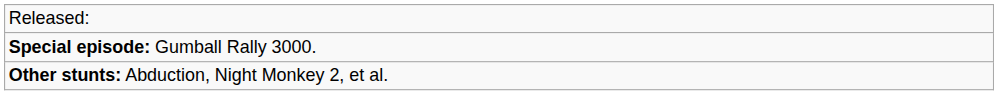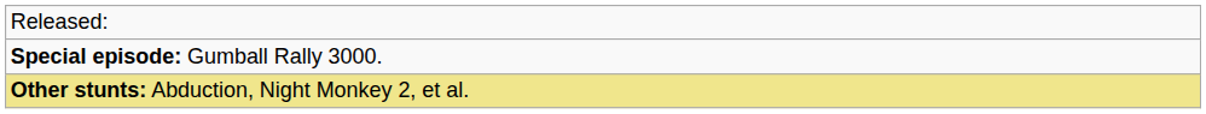 <table class="wikitable" width=100%>
 <tr>
 <td align=left>Released: </td>
 </tr>
 <tr>
 <td align=left><strong>Special episode:</strong> Gumball Rally 3000.</td>
 </tr>
 <tr>
-<td align=left><strong>Other stunts:</strong> Abduction, Night Monkey 2, et al.</td>
+<td align=left style="background: khaki;"><strong>Other stunts:</strong> Abduction, Night Monkey 2, et al.</td>
 </tr>
 </table>
